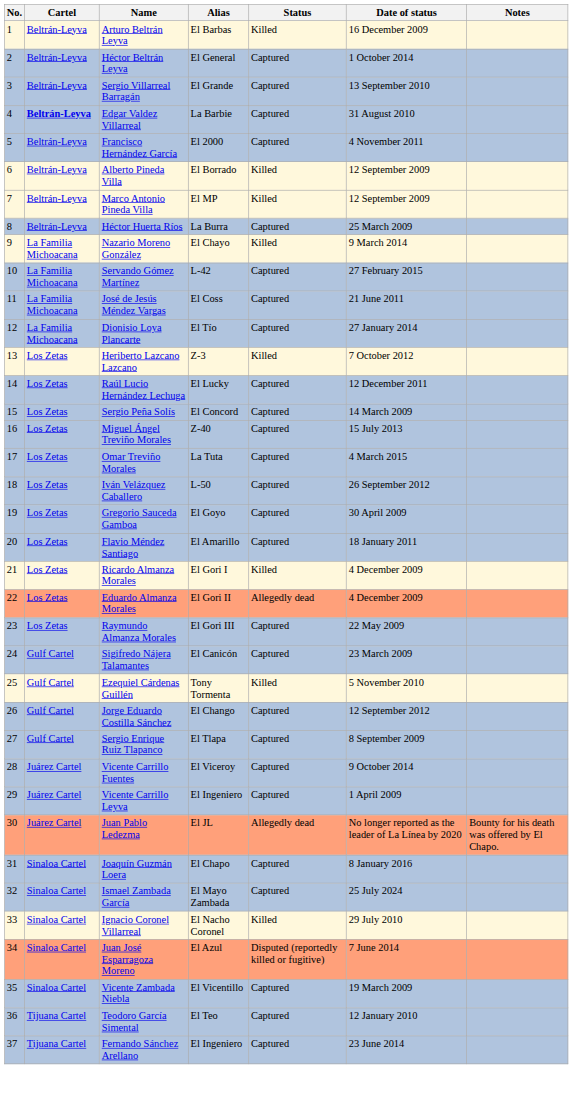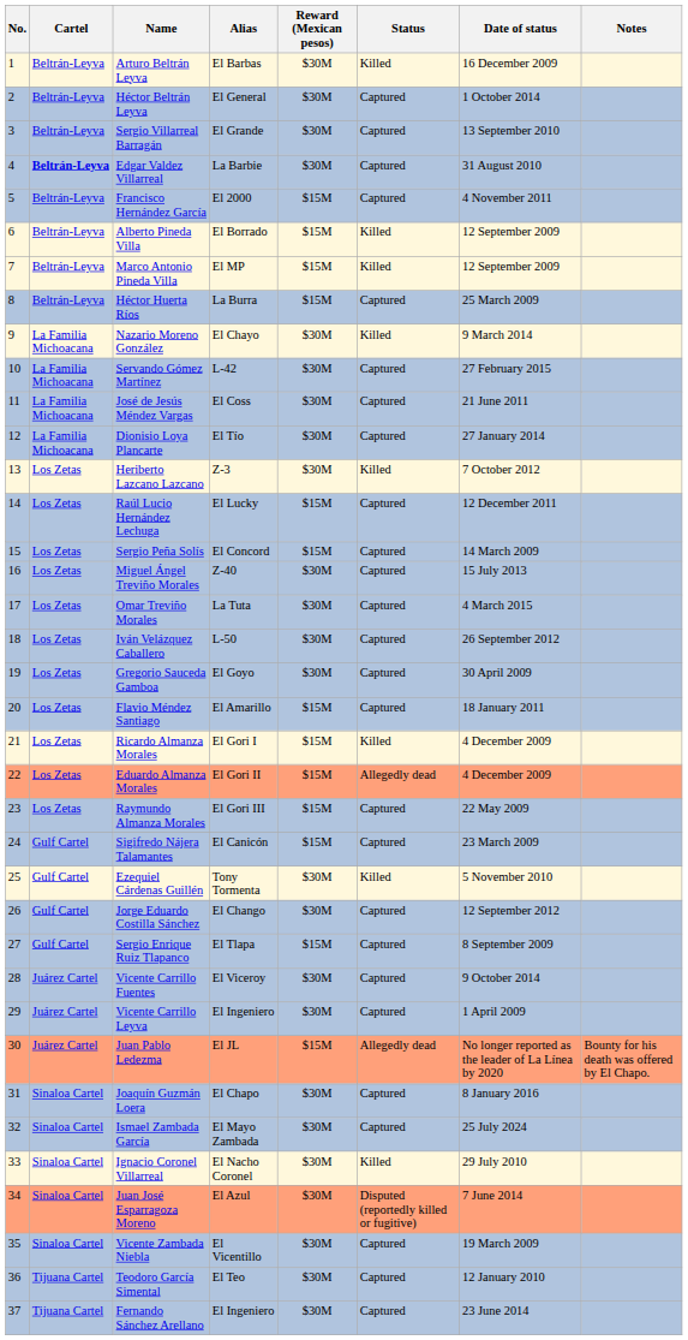 <table class="wikitable sortable">
 <tr>
 <th>No.</th>
 <th>Cartel</th>
 <th>Name</th>
 <th>Alias</th>
+<th>Reward (Mexican pesos)</th>
 <th>Status</th>
 <th>Date of status</th>
 <th>Notes</th>
 </tr>
 <tr valign="top" |-align="left" bgcolor="Cornsilk">
 <td>1</td>
 <td><a href='#'>Beltrán-Leyva</a></td>
 <td align="left"><a href='#'>Arturo Beltrán Leyva</a></td>
 <td align="left">El Barbas</td>
+<td style="text-align:center;">$30M</td>
 <td>Killed</td>
 <td align="left">16 December 2009</td>
 <td align="left"></td>
 </tr>
 <tr valign="top" |-align="left" bgcolor="LightSteelBlue">
 <td>2</td>
 <td><a href='#'>Beltrán-Leyva</a></td>
 <td align="left"><a href='#'>Héctor Beltrán Leyva</a></td>
 <td align="left">El General</td>
+<td style="text-align:center;">$30M</td>
 <td style= style="background:LightSteelBlue;">Captured</td>
 <td align="left">1 October 2014</td>
 <td align="left"></td>
 </tr>
 <tr valign="top" |-align="left" bgcolor="LightSteelBlue">
 <td>3</td>
 <td><a href='#'>Beltrán-Leyva</a></td>
 <td align="left"><a href='#'>Sergio Villarreal Barragán</a></td>
 <td align="left">El Grande</td>
+<td style="text-align:center;">$30M</td>
 <td style= style="background:LightSteelBlue;">Captured</td>
 <td align="left">13 September 2010</td>
 <td align="left"></td>
 </tr>
 <tr valign="top" |-align="left" bgcolor="LightSteelBlue">
 <td>4</td>
 <td><strong><a href='#'>Beltrán-Leyva</a></strong></td>
 <td align="left"><a href='#'>Edgar Valdez Villarreal</a></td>
 <td align="left">La Barbie</td>
+<td style="text-align:center;">$30M</td>
 <td style= style="background:LightSteelBlue;">Captured</td>
 <td align="left">31 August 2010</td>
 <td align="left"></td>
 </tr>
 <tr valign="top" |-align="left" bgcolor="LightSteelBlue">
 <td>5</td>
 <td><a href='#'>Beltrán-Leyva</a></td>
 <td align="left"><a href='#'>Francisco Hernández García</a></td>
 <td align="left">El 2000</td>
+<td style="text-align:center;">$15M</td>
 <td style= style="background:LightSteelBlue;">Captured</td>
 <td align="left">4 November 2011</td>
 <td align="left"></td>
 </tr>
 <tr valign="top" |-align="left" bgcolor="Cornsilk">
 <td>6</td>
 <td><a href='#'>Beltrán-Leyva</a></td>
 <td align="left"><a href='#'>Alberto Pineda Villa</a></td>
 <td align="left">El Borrado</td>
+<td style="text-align:center;">$15M</td>
 <td style= style="background:Cornsilk;">Killed</td>
 <td align="left">12 September 2009</td>
 <td align="left"></td>
 </tr>
 <tr valign="top" |-align="left" bgcolor="Cornsilk">
 <td>7</td>
 <td><a href='#'>Beltrán-Leyva</a></td>
 <td align="left"><a href='#'>Marco Antonio Pineda Villa</a></td>
 <td align="left">El MP</td>
+<td style="text-align:center;">$15M</td>
 <td style= style="background:Cornsilk;">Killed</td>
 <td align="left">12 September 2009</td>
 <td align="left"></td>
 </tr>
 <tr valign="top" |-align="left" bgcolor="LightSteelBlue">
 <td>8</td>
 <td><a href='#'>Beltrán-Leyva</a></td>
 <td align="left"><a href='#'>Héctor Huerta Ríos</a></td>
 <td align="left">La Burra</td>
+<td style="text-align:center;">$15M</td>
 <td style= style="background:LightSteelBlue;">Captured</td>
 <td align="left">25 March 2009</td>
 <td align="left"></td>
 </tr>
 <tr valign="top" |-align="left" bgcolor="Cornsilk">
 <td>9</td>
 <td><a href='#'>La Familia Michoacana</a></td>
 <td align="left"><a href='#'>Nazario Moreno González</a></td>
 <td align="left">El Chayo</td>
+<td style="text-align:center;">$30M</td>
 <td style= style="background:Cornsilk;">Killed</td>
 <td align="left">9 March 2014</td>
 <td align="left"></td>
 </tr>
 <tr valign="top" |-align="left" bgcolor="LightSteelBlue">
 <td>10</td>
 <td><a href='#'>La Familia Michoacana</a></td>
 <td align="left"><a href='#'>Servando Gómez Martínez</a></td>
 <td align="left">L-42</td>
+<td style="text-align:center;">$30M</td>
 <td style= style="background:LightSteelBlue;">Captured</td>
 <td align="left">27 February 2015</td>
 <td align="left"></td>
 </tr>
 <tr valign="top" |-align="left" bgcolor="LightSteelBlue">
 <td>11</td>
 <td><a href='#'>La Familia Michoacana</a></td>
 <td align="left"><a href='#'>José de Jesús Méndez Vargas</a></td>
 <td align="left">El Coss</td>
+<td style="text-align:center;">$30M</td>
 <td style= style="background:LightSteelBlue;">Captured</td>
 <td align="left">21 June 2011</td>
 <td align="left"></td>
 </tr>
 <tr valign="top" |-align="left" bgcolor="LightSteelBlue">
 <td>12</td>
 <td><a href='#'>La Familia Michoacana</a></td>
 <td align="left"><a href='#'>Dionisio Loya Plancarte</a></td>
 <td align="left">El Tío</td>
+<td style="text-align:center;">$30M</td>
 <td style= style="background:LightSteelBlue;">Captured</td>
 <td align="left">27 January 2014</td>
 <td align="left"></td>
 </tr>
 <tr valign="top" |-align="left" bgcolor="Cornsilk">
 <td>13</td>
 <td><a href='#'>Los Zetas</a></td>
 <td align="left"><a href='#'>Heriberto Lazcano Lazcano</a></td>
 <td align="left">Z-3</td>
+<td style="text-align:center;">$30M</td>
 <td style= style="background:Cornsilk;">Killed</td>
 <td align="left">7 October 2012</td>
 <td align="left"></td>
 </tr>
 <tr valign="top" |-align="left" bgcolor="LightSteelBlue">
 <td>14</td>
 <td><a href='#'>Los Zetas</a></td>
 <td align="left"><a href='#'>Raúl Lucio Hernández Lechuga</a></td>
 <td align="left">El Lucky</td>
+<td style="text-align:center;">$15M</td>
 <td style= style="background:LightSteelBlue;">Captured</td>
 <td align="left">12 December 2011</td>
 <td align="left"></td>
 </tr>
 <tr valign="top" |-align="left" bgcolor="LightSteelBlue">
 <td>15</td>
 <td><a href='#'>Los Zetas</a></td>
 <td align="left"><a href='#'>Sergio Peña Solís</a></td>
 <td align="left">El Concord</td>
+<td style="text-align:center;">$15M</td>
 <td style= style="background:LightSteelBlue;">Captured</td>
 <td align="left">14 March 2009</td>
 <td align="left"></td>
 </tr>
 <tr valign="top" |-align="left" bgcolor="LightSteelBlue">
 <td>16</td>
 <td><a href='#'>Los Zetas</a></td>
 <td align="left"><a href='#'>Miguel Ángel Treviño Morales</a></td>
 <td align="left">Z-40</td>
+<td style="text-align:center;">$30M</td>
 <td style= style="background:LightSteelBlue;">Captured</td>
 <td align="left">15 July 2013</td>
 <td align="left"></td>
 </tr>
 <tr valign="top" |-align="left" bgcolor=LightSteelBlue>
 <td>17</td>
 <td><a href='#'>Los Zetas</a></td>
 <td align="left"><a href='#'>Omar Treviño Morales</a></td>
 <td align="left">La Tuta</td>
+<td style="text-align:center;">$30M</td>
 <td style= style="background:LightSteelBlue;">Captured</td>
 <td align="left">4 March 2015</td>
 <td align="left"></td>
 </tr>
 <tr valign="top" |-align="left" bgcolor="LightSteelBlue">
 <td>18</td>
 <td><a href='#'>Los Zetas</a></td>
 <td align="left"><a href='#'>Iván Velázquez Caballero</a></td>
 <td align="left">L-50</td>
+<td style="text-align:center;">$30M</td>
 <td style= style="background:LightSteelBlue;">Captured</td>
 <td align="left">26 September 2012</td>
 <td align="left"></td>
 </tr>
 <tr valign="top" |-align="left" bgcolor="LightSteelBlue">
 <td>19</td>
 <td><a href='#'>Los Zetas</a></td>
 <td align="left"><a href='#'>Gregorio Sauceda Gamboa</a></td>
 <td align="left">El Goyo</td>
+<td style="text-align:center;">$30M</td>
 <td style= style="background:LightSteelBlue;">Captured</td>
 <td align="left">30 April 2009</td>
 <td align="left"></td>
 </tr>
 <tr valign="top" |-align="left" bgcolor="LightSteelBlue">
 <td>20</td>
 <td><a href='#'>Los Zetas</a></td>
 <td align="left"><a href='#'>Flavio Méndez Santiago</a></td>
 <td align="left">El Amarillo</td>
+<td style="text-align:center;">$15M</td>
 <td style= style="background:LightSteelBlue;">Captured</td>
 <td align="left">18 January 2011</td>
 <td align="left"></td>
 </tr>
 <tr valign="top" |-align="left" bgcolor="Cornsilk">
 <td>21</td>
 <td><a href='#'>Los Zetas</a></td>
 <td align="left"><a href='#'>Ricardo Almanza Morales</a></td>
 <td align="left">El Gori I</td>
+<td style="text-align:center;">$15M</td>
 <td style= style="background:Cornsilk;">Killed</td>
 <td align="left">4 December 2009</td>
 <td align="left"></td>
 </tr>
 <tr valign="top" |-align="left" bgcolor="LightSalmon">
 <td>22</td>
 <td><a href='#'>Los Zetas</a></td>
 <td align="left"><a href='#'>Eduardo Almanza Morales</a></td>
 <td align="left">El Gori II</td>
+<td style="text-align:center;">$15M</td>
 <td style= style="background:LightSalmon;">Allegedly dead</td>
 <td align="left">4 December 2009</td>
 <td align="left"></td>
 </tr>
 <tr valign="top" |-align="left" bgcolor="LightSteelBlue">
 <td>23</td>
 <td><a href='#'>Los Zetas</a></td>
 <td align="left"><a href='#'>Raymundo Almanza Morales</a></td>
 <td align="left">El Gori III</td>
+<td style="text-align:center;">$15M</td>
 <td style= style="background:LightSteelBlue;">Captured</td>
 <td align="left">22 May 2009</td>
 <td align="left"></td>
 </tr>
 <tr valign="top" |-align="left" bgcolor="LightSteelBlue">
 <td>24</td>
 <td><a href='#'>Gulf Cartel</a></td>
 <td align="left"><a href='#'>Sigifredo Nájera Talamantes</a></td>
 <td align="left">El Canicón</td>
+<td style="text-align:center;">$15M</td>
 <td style= style="background:LightSteelBlue;">Captured</td>
 <td align="left">23 March 2009</td>
 <td align="left"></td>
 </tr>
 <tr valign="top" |-align="left" bgcolor="Cornsilk">
 <td>25</td>
 <td><a href='#'>Gulf Cartel</a></td>
 <td align="left"><a href='#'>Ezequiel Cárdenas Guillén</a></td>
 <td align="left">Tony Tormenta</td>
+<td style="text-align:center;">$30M</td>
 <td style= style="background:Cornsilk;">Killed</td>
 <td align="left">5 November 2010</td>
 <td align="left"></td>
 </tr>
 <tr valign="top" |-align="left" bgcolor="LightSteelBlue">
 <td>26</td>
 <td><a href='#'>Gulf Cartel</a></td>
 <td align="left"><a href='#'>Jorge Eduardo Costilla Sánchez</a></td>
 <td align="left">El Chango</td>
+<td style="text-align:center;">$30M</td>
 <td style= style="background:LightSteelBlue;">Captured</td>
 <td align="left">12 September 2012</td>
 <td align="left"></td>
 </tr>
 <tr valign="top" |-align="left" bgcolor="LightSteelBlue">
 <td>27</td>
 <td><a href='#'>Gulf Cartel</a></td>
 <td align="left"><a href='#'>Sergio Enrique Ruiz Tlapanco</a></td>
 <td align="left">El Tlapa</td>
+<td style="text-align:center;">$15M</td>
 <td style= style="background:LightSteelBlue;">Captured</td>
 <td align="left">8 September 2009</td>
 <td align="left"></td>
 </tr>
 <tr valign="top" |-align="left" bgcolor="LightSteelBlue">
 <td>28</td>
 <td><a href='#'>Juárez Cartel</a></td>
 <td align="left"><a href='#'>Vicente Carrillo Fuentes</a></td>
 <td align="left">El Viceroy</td>
+<td style="text-align:center;">$30M</td>
 <td style= style="background:LightSteelBlue;">Captured</td>
 <td align="left">9 October 2014</td>
 <td align="left"></td>
 </tr>
 <tr valign="top" |-align="left" bgcolor="LightSteelBlue">
 <td>29</td>
 <td><a href='#'>Juárez Cartel</a></td>
 <td align="left"><a href='#'>Vicente Carrillo Leyva</a></td>
 <td align="left">El Ingeniero</td>
+<td style="text-align:center;">$30M</td>
 <td style= style="background:LightSteelBlue;">Captured</td>
 <td align="left">1 April 2009</td>
 <td align="left"></td>
 </tr>
 <tr valign="top" |-align="left" bgcolor="LightSalmon">
 <td>30</td>
 <td><a href='#'>Juárez Cartel</a></td>
 <td align="left"><a href='#'>Juan Pablo Ledezma</a></td>
 <td align="left">El JL</td>
+<td style="text-align:center;">$15M</td>
 <td style= style="background:LightSalmon;">Allegedly dead</td>
 <td align="left">No longer reported as the leader of La Línea by 2020</td>
 <td align="left">Bounty for his death was offered by El Chapo.</td>
 </tr>
 <tr valign="top" |-align="left" bgcolor="LightSteelBlue">
 <td>31</td>
 <td><a href='#'>Sinaloa Cartel</a></td>
 <td align="left"><a href='#'>Joaquín Guzmán Loera</a></td>
 <td align="left">El Chapo</td>
+<td style="text-align:center;">$30M</td>
 <td style= style="background:LightSteelBlue;">Captured</td>
 <td align="left">8 January 2016</td>
 <td align="left"></td>
 </tr>
 <tr valign="top" |-align="left" bgcolor="LightSteelBlue">
 <td>32</td>
 <td><a href='#'>Sinaloa Cartel</a></td>
 <td align="left"><a href='#'>Ismael Zambada García</a></td>
 <td align="left">El Mayo Zambada</td>
+<td style="text-align:center;">$30M</td>
 <td style= style="background:LightSteelBlue;">Captured</td>
 <td align="left">25 July 2024</td>
 <td align="left"></td>
 </tr>
 <tr valign="top" |-align="left" bgcolor="Cornsilk">
 <td>33</td>
 <td><a href='#'>Sinaloa Cartel</a></td>
 <td align="left"><a href='#'>Ignacio Coronel Villarreal</a></td>
 <td align="left">El Nacho Coronel</td>
+<td style="text-align:center;">$30M</td>
 <td style= style="background:Cornsilk;">Killed</td>
 <td align="left">29 July 2010</td>
 <td align="left"></td>
 </tr>
 <tr valign="top" |-align="left" bgcolor="LightSalmon">
 <td>34</td>
 <td><a href='#'>Sinaloa Cartel</a></td>
 <td align="left"><a href='#'>Juan José Esparragoza Moreno</a></td>
 <td align="left">El Azul</td>
+<td style="text-align:center;">$30M</td>
 <td style= style="background:LightSalmon;">Disputed (reportedly killed or fugitive)</td>
 <td align="left">7 June 2014</td>
 <td align="left"></td>
 </tr>
 <tr valign="top" |-align="left" bgcolor="LightSteelBlue">
 <td>35</td>
 <td><a href='#'>Sinaloa Cartel</a></td>
 <td align="left"><a href='#'>Vicente Zambada Niebla</a></td>
 <td align="left">El Vicentillo</td>
+<td style="text-align:center;">$30M</td>
 <td style= style="background:LightSteelBlue;">Captured</td>
 <td align="left">19 March 2009</td>
 <td align="left"></td>
 </tr>
 <tr valign="top" |-align="left" bgcolor="LightSteelBlue">
 <td>36</td>
 <td><a href='#'>Tijuana Cartel</a></td>
 <td align="left"><a href='#'>Teodoro García Simental</a></td>
 <td align="left">El Teo</td>
+<td style="text-align:center;">$30M</td>
 <td style= style="background:LightSteelBlue;">Captured</td>
 <td align="left">12 January 2010</td>
 <td align="left"></td>
 </tr>
 <tr valign="top" |-align="left" bgcolor="LightSteelBlue">
 <td>37</td>
 <td><a href='#'>Tijuana Cartel</a></td>
 <td align="left"><a href='#'>Fernando Sánchez Arellano</a></td>
 <td align="left">El Ingeniero</td>
+<td style="text-align:center;">$30M</td>
 <td style= style="background:LightSteelBlue;">Captured</td>
 <td align="left">23 June 2014</td>
 <td></td>
 </tr>
 </table>
